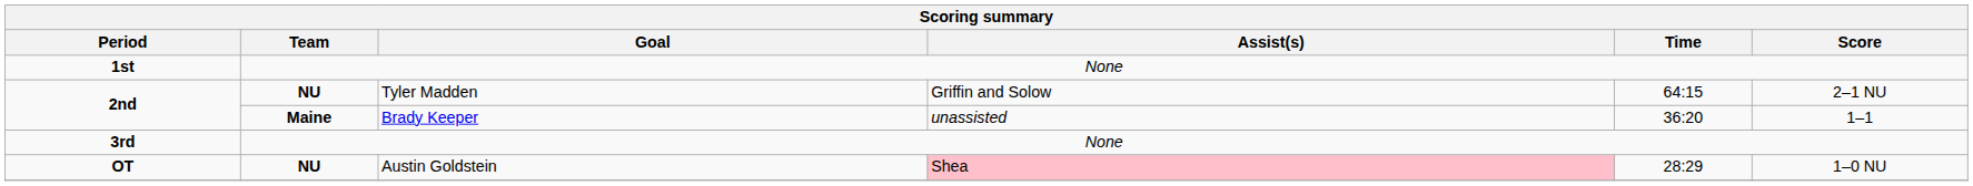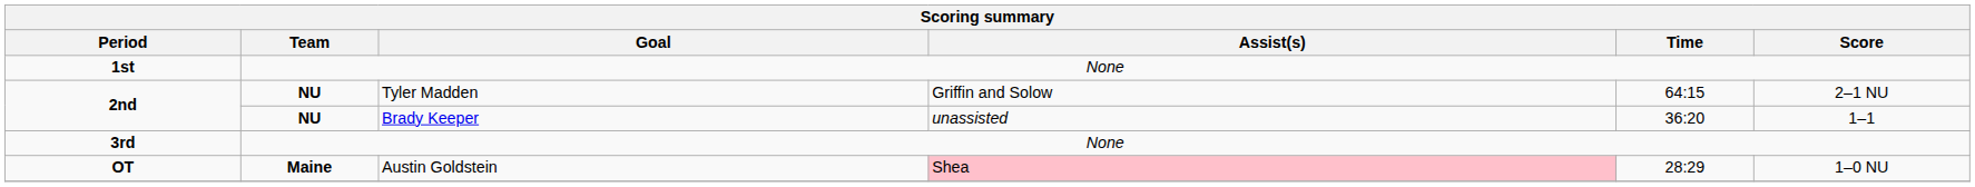 <table style="width:100%;" class="wikitable">
 <tr>
 <th colspan=6>Scoring summary</th>
 </tr>
 <tr>
 <th style="width:12%;">Period</th>
 <th style="width:7%;">Team</th>
 <th style="width:28%;">Goal</th>
 <th style="width:35%;">Assist(s)</th>
 <th style="width:7%;">Time</th>
 <th style="width:11%;">Score</th>
 </tr>
 <tr>
 <td style="text-align:center;" rowspan="1"><strong>1st</strong></td>
 <td style="text-align:center;" colspan="5"><em>None</em></td>
 </tr>
 <tr>
 <td style="text-align:center;" rowspan="2"><strong>2nd</strong></td>
 <td align=center><strong>NU</strong></td>
 <td>Tyler Madden</td>
 <td>Griffin and Solow</td>
 <td align=center>64:15</td>
 <td align=center>2–1 NU</td>
 </tr>
 <tr>
-<td align=center><strong>Maine</strong></td>
+<td align=center><strong>NU</strong></td>
 <td><a href='#'>Brady Keeper</a></td>
 <td><em>unassisted</em></td>
 <td align=center>36:20</td>
 <td align=center>1–1</td>
 </tr>
 <tr>
 <td style="text-align:center;" rowspan="1"><strong>3rd</strong></td>
 <td style="text-align:center;" colspan="5"><em>None</em></td>
 </tr>
 <tr>
 <td style="text-align:center;" rowspan="1"><strong>OT</strong></td>
-<td align=center><strong>NU</strong></td>
+<td align=center><strong>Maine</strong></td>
 <td>Austin Goldstein</td>
 <td style="background: pink;">Shea</td>
 <td align=center>28:29</td>
 <td align=center>1–0 NU</td>
 </tr>
 <tr>
 </tr>
 </table>
